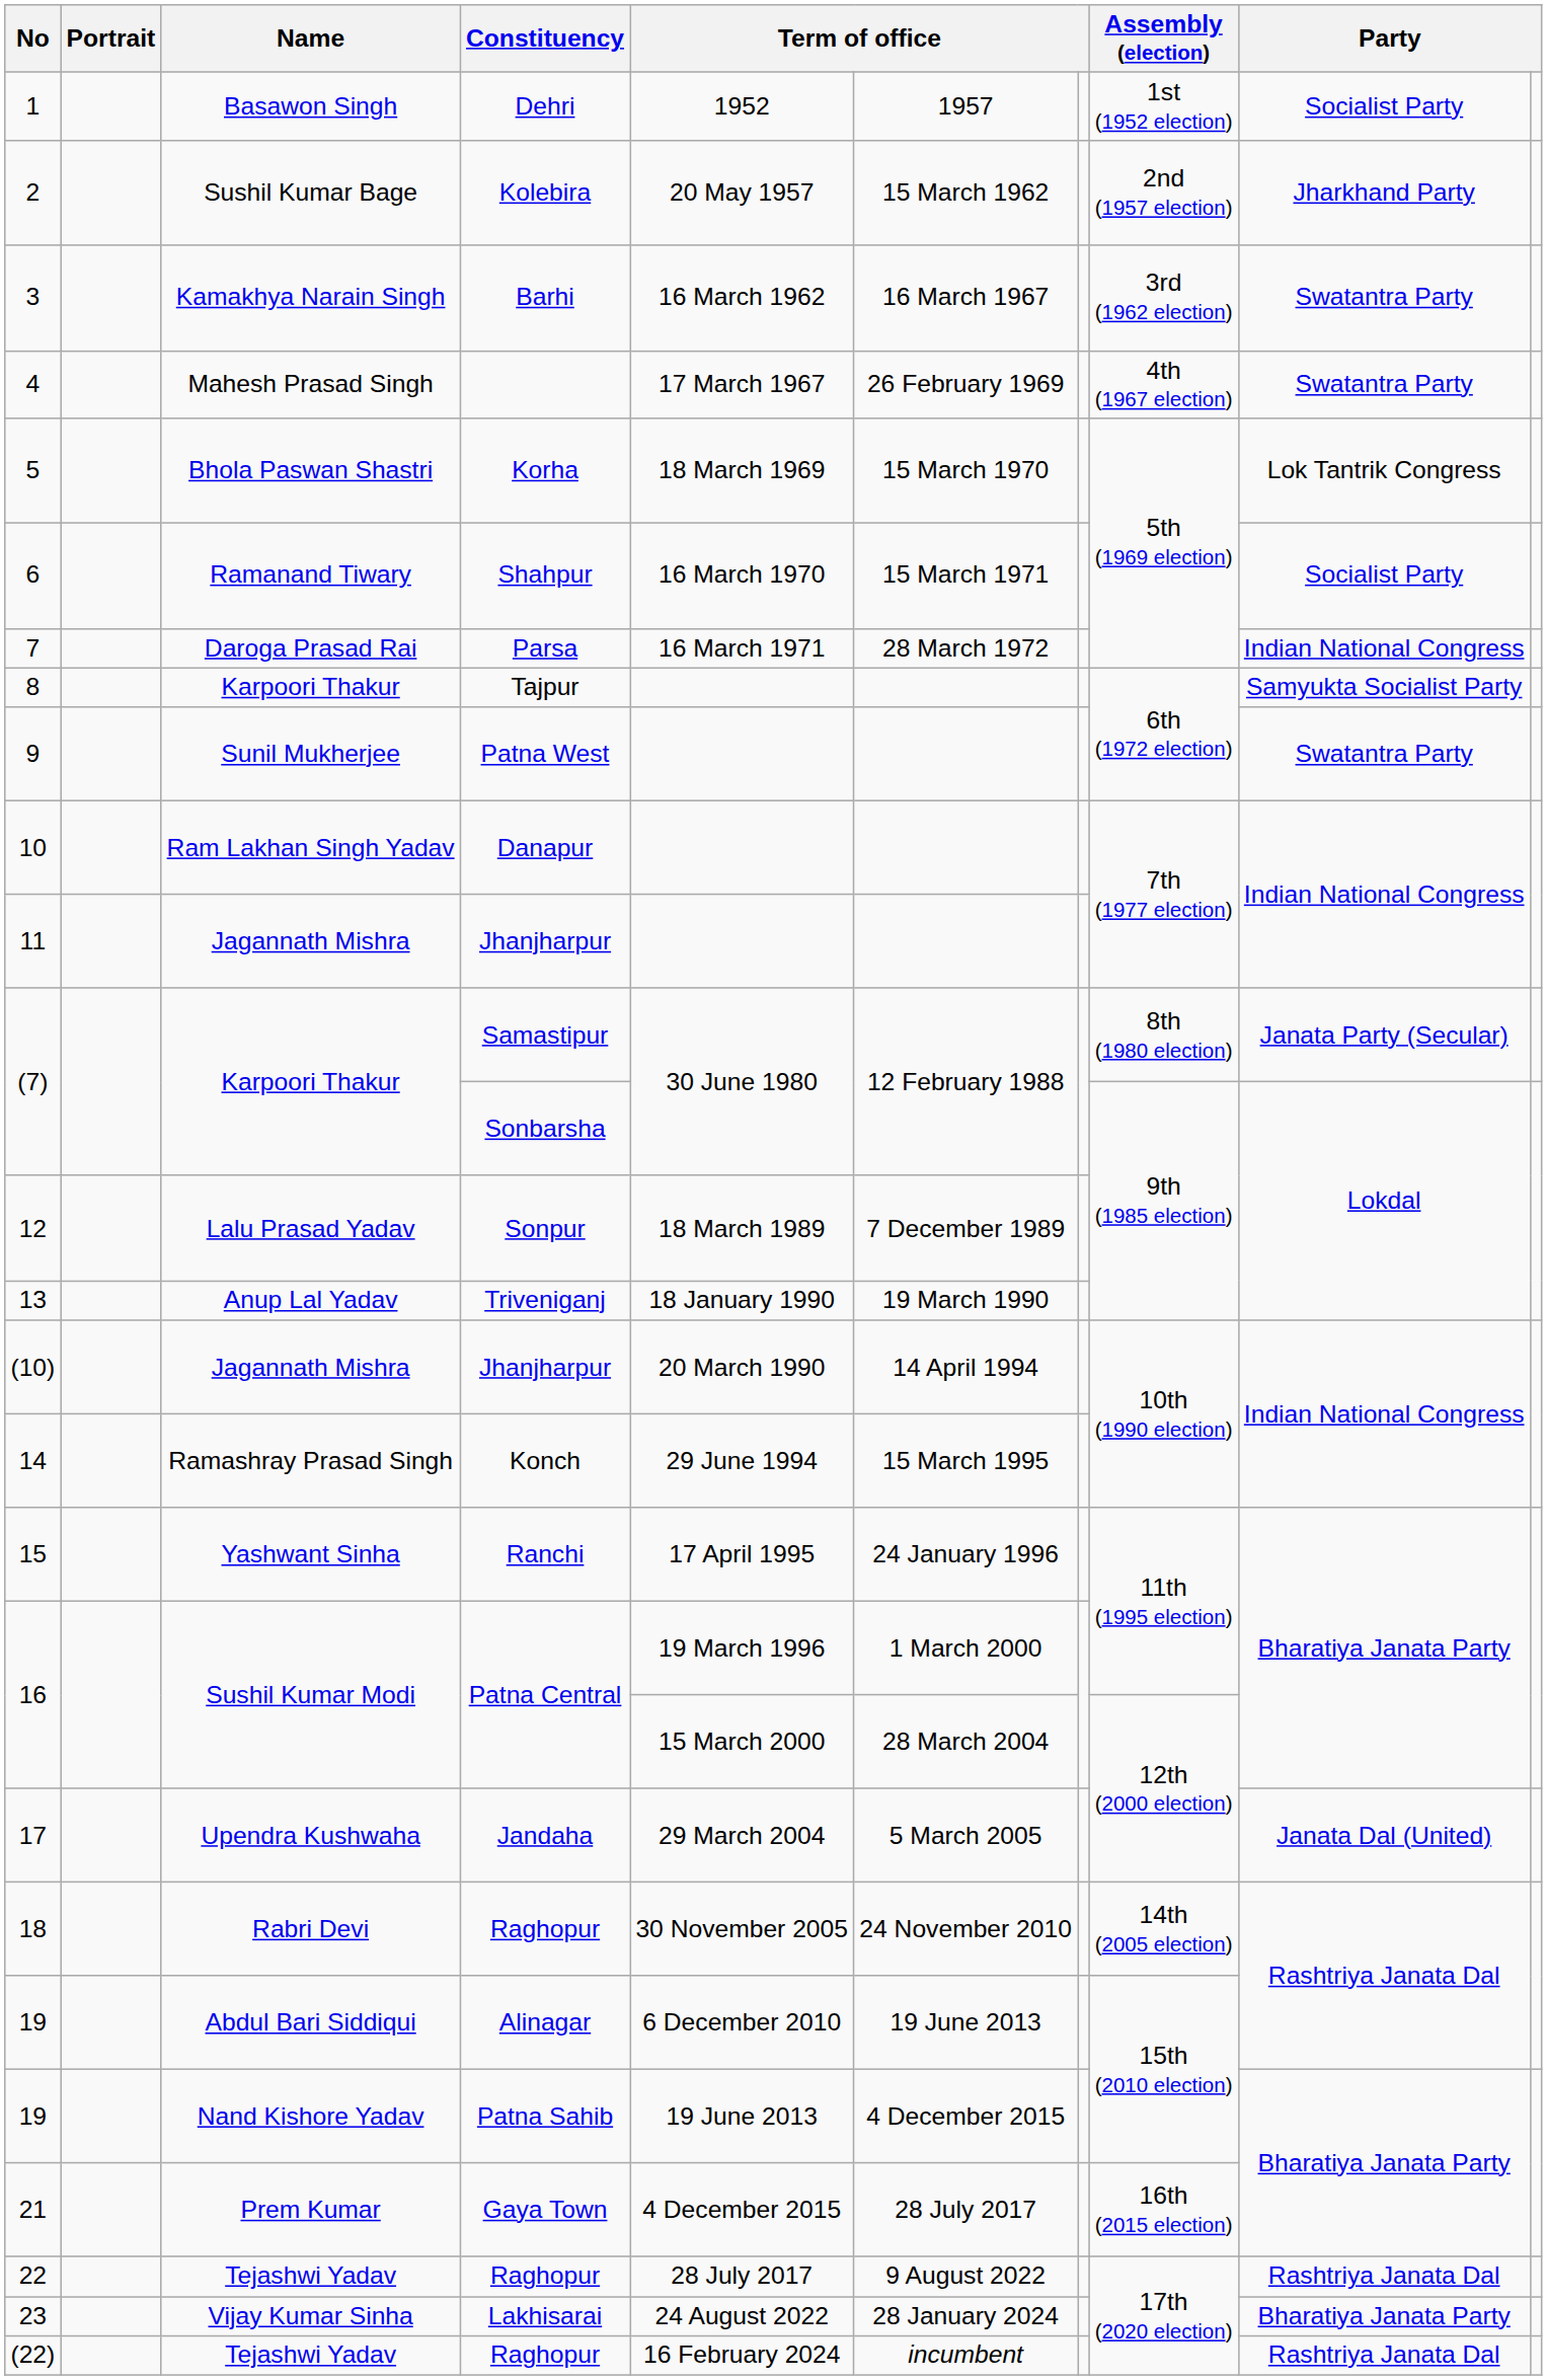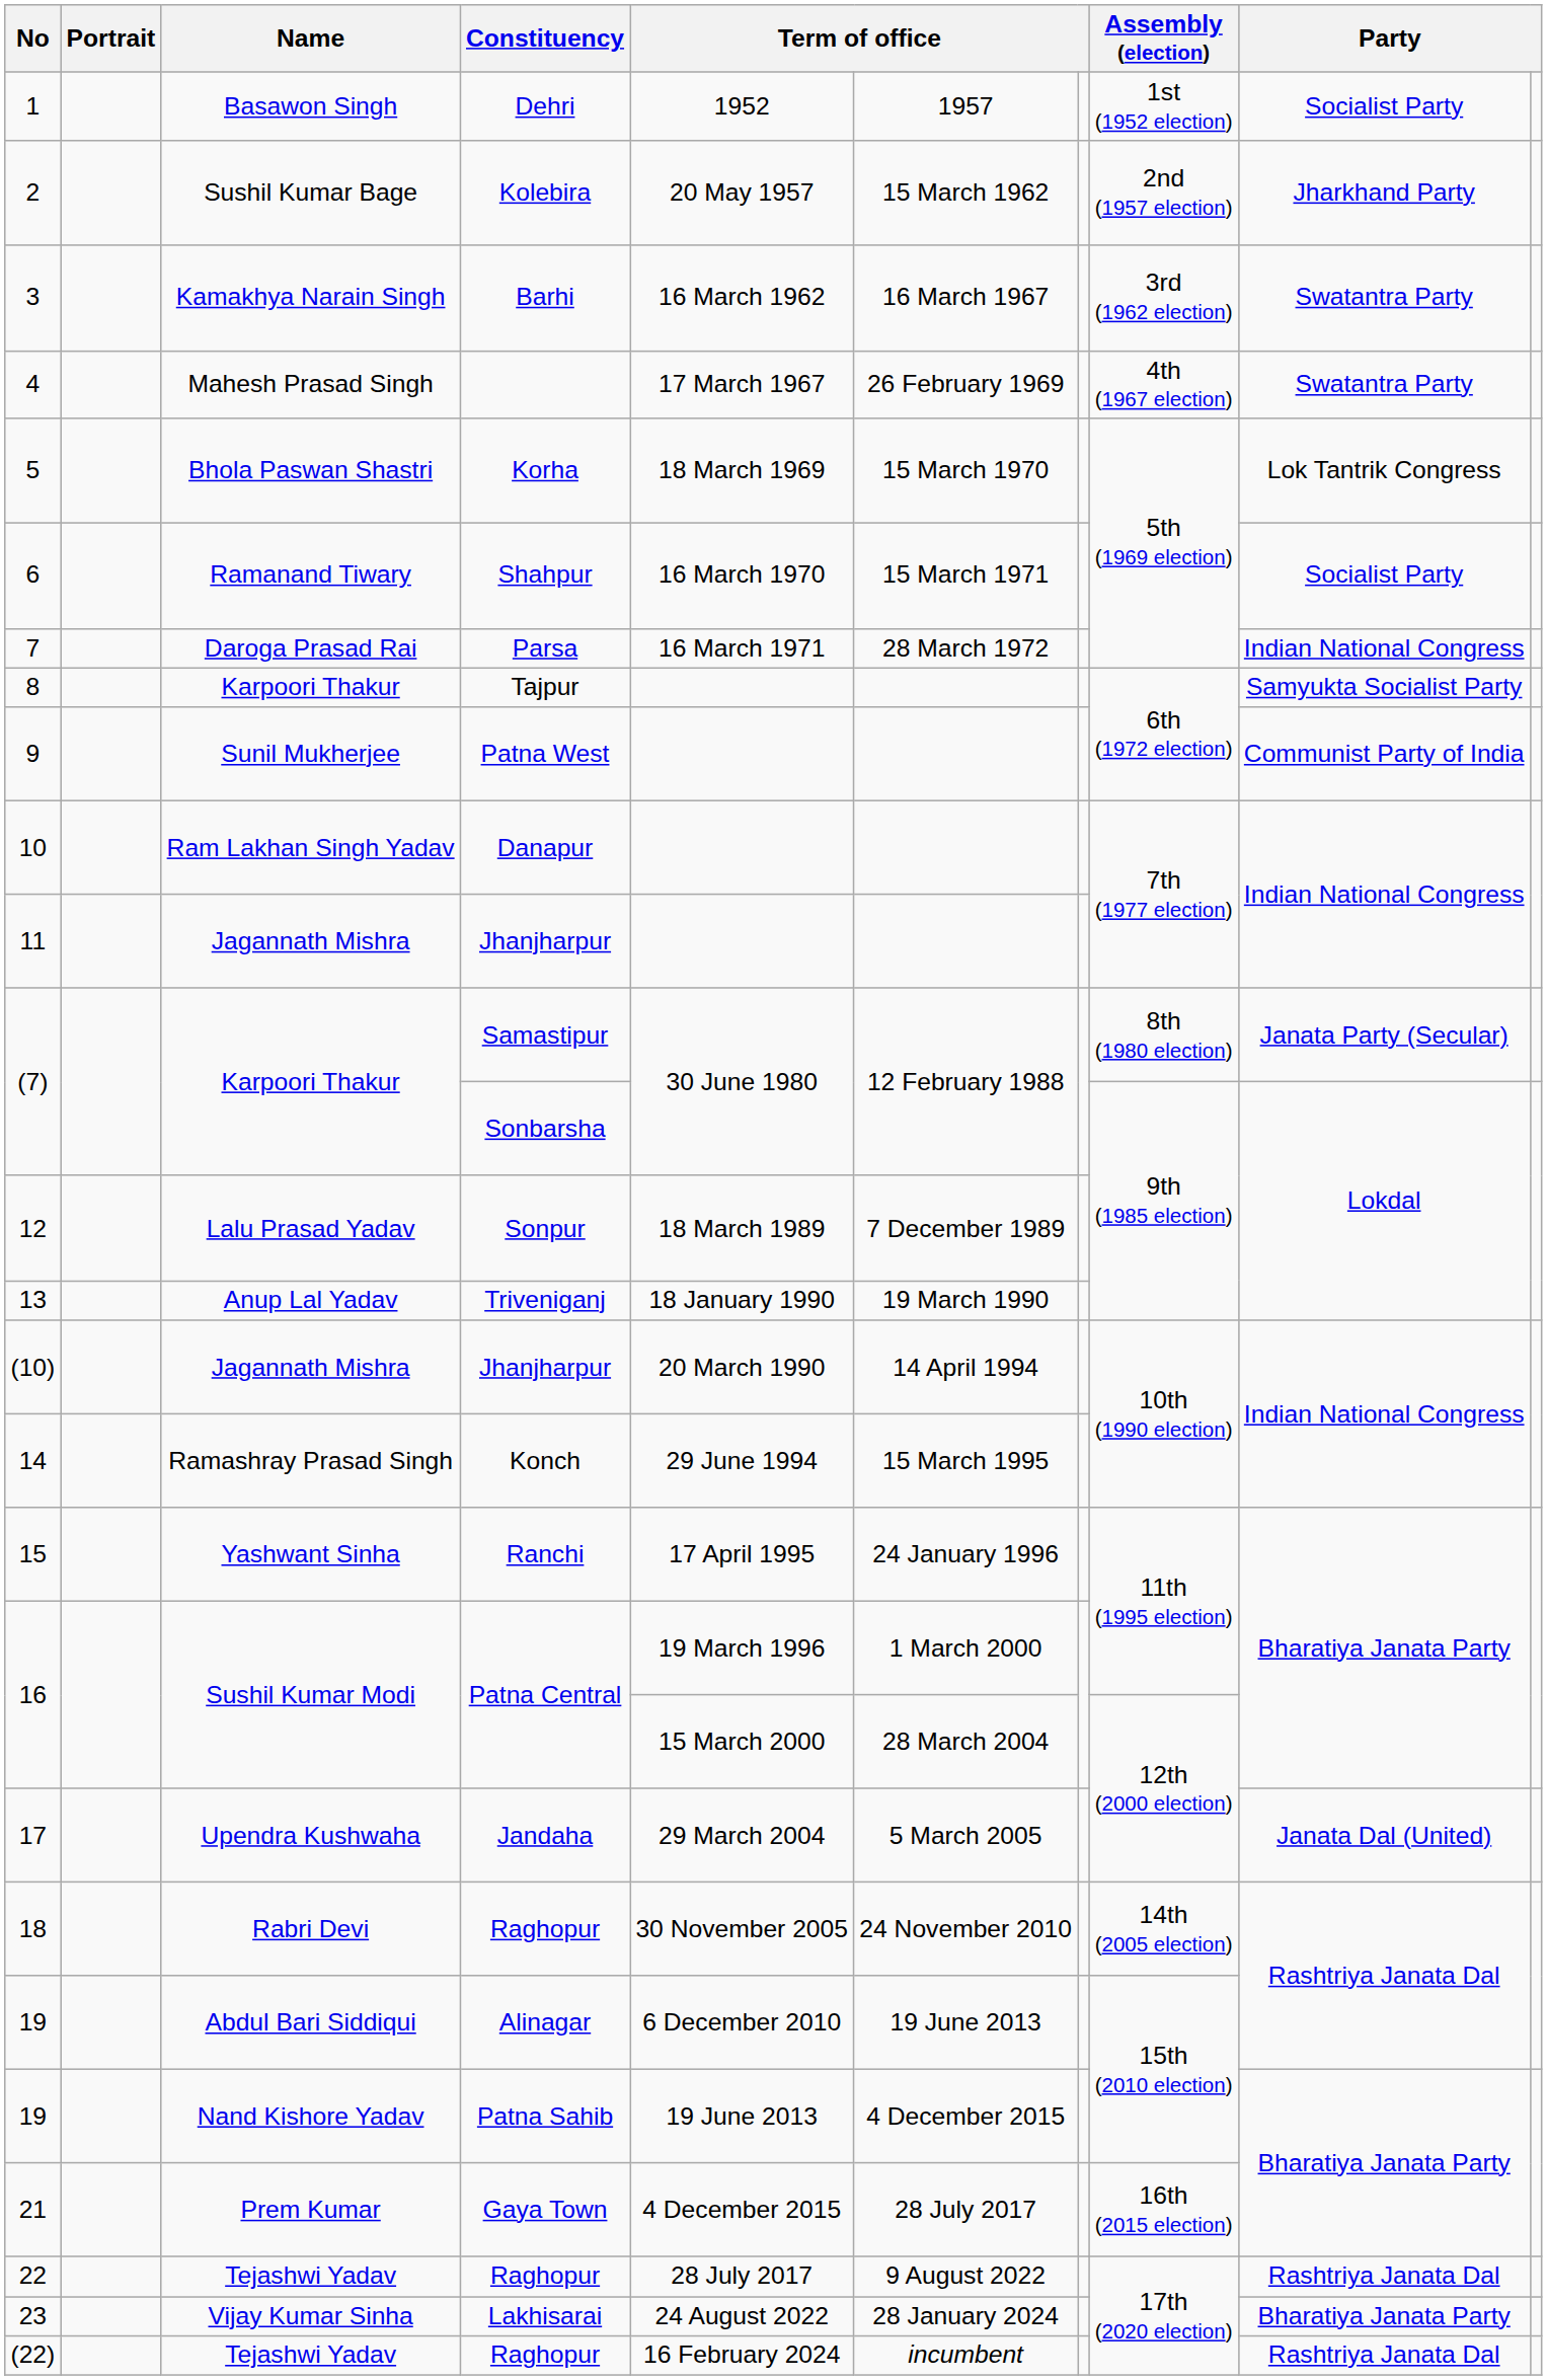 <table class="wikitable" style=text-align:center>
 <tr>
 <th>No</th>
 <th>Portrait</th>
 <th>Name</th>
 <th><a href='#'>Constituency</a></th>
 <th colspan="3">Term of office</th>
 <th><a href='#'>Assembly</a><br><small>(<a href='#'>election</a>)</small></th>
 <th colspan="2">Party</th>
 </tr>
 <tr align="center">
 <td>1</td>
 <td></td>
 <td><a href='#'>Basawon Singh</a></td>
 <td><a href='#'>Dehri</a></td>
 <td>1952</td>
 <td>1957</td>
 <td></td>
 <td>1st<br><small>(<a href='#'>1952 election</a>)</small></td>
 <td><a href='#'>Socialist Party</a></td>
 <td style="background-color: "></td>
 </tr>
 <tr align="center">
 <td style="height: 60px;">2</td>
 <td></td>
 <td>Sushil Kumar Bage</td>
 <td><a href='#'>Kolebira</a></td>
 <td>20 May 1957</td>
 <td>15 March 1962</td>
 <td></td>
 <td>2nd<br><small>(<a href='#'>1957 election</a>)</small></td>
 <td><a href='#'>Jharkhand Party</a></td>
 <td style="background-color: "></td>
 </tr>
 <tr align="center">
 <td style="height: 60px;">3</td>
 <td></td>
 <td><a href='#'>Kamakhya Narain Singh</a></td>
 <td><a href='#'>Barhi</a></td>
 <td>16 March 1962</td>
 <td>16 March 1967</td>
 <td></td>
 <td>3rd<br><small>(<a href='#'>1962 election</a>)</small></td>
 <td><a href='#'>Swatantra Party</a></td>
 <td style="background-color: "></td>
 </tr>
 <tr align="center">
 <td>4</td>
 <td></td>
 <td>Mahesh Prasad Singh</td>
 <td></td>
 <td>17 March 1967</td>
 <td>26 February 1969</td>
 <td></td>
 <td>4th<br><small>(<a href='#'>1967 election</a>)</small></td>
 <td><a href='#'>Swatantra Party</a></td>
 <td style="background-color: "></td>
 </tr>
 <tr align="center">
 <td style="height: 60px;">5</td>
 <td></td>
 <td><a href='#'>Bhola Paswan Shastri</a></td>
 <td><a href='#'>Korha</a></td>
 <td>18 March 1969</td>
 <td>15 March 1970</td>
 <td></td>
 <td rowspan="3">5th<br><small>(<a href='#'>1969 election</a>)</small></td>
 <td>Lok Tantrik Congress</td>
 <td style="background-color: "></td>
 </tr>
 <tr align="center">
 <td style="height: 60px;">6</td>
 <td></td>
 <td><a href='#'>Ramanand Tiwary</a></td>
 <td><a href='#'>Shahpur</a></td>
 <td>16 March 1970</td>
 <td>15 March 1971</td>
 <td></td>
 <td><a href='#'>Socialist Party</a></td>
 <td style="background-color: "></td>
 </tr>
 <tr align="center">
 <td>7</td>
 <td></td>
 <td><a href='#'>Daroga Prasad Rai</a></td>
 <td><a href='#'>Parsa</a></td>
 <td>16 March 1971</td>
 <td>28 March 1972</td>
 <td></td>
 <td><a href='#'>Indian National Congress</a></td>
 <td style="background-color: "></td>
 </tr>
 <tr align="center">
 <td>8</td>
 <td></td>
 <td><a href='#'>Karpoori Thakur</a></td>
 <td>Tajpur</td>
 <td></td>
 <td></td>
 <td></td>
 <td rowspan="2">6th<br><small>(<a href='#'>1972 election</a>)</small></td>
 <td><a href='#'>Samyukta Socialist Party</a></td>
 <td style="background-color: "></td>
 </tr>
 <tr align="center" style="height: 60px;">
 <td>9</td>
 <td></td>
 <td><a href='#'>Sunil Mukherjee</a></td>
 <td><a href='#'>Patna West</a></td>
 <td></td>
 <td></td>
 <td></td>
-<td><a href='#'>Swatantra Party</a></td>
+<td><a href='#'>Communist Party of India</a></td>
 <td style="background-color: "></td>
 </tr>
 <tr align="center" style="height: 60px;">
 <td>10</td>
 <td></td>
 <td><a href='#'>Ram Lakhan Singh Yadav</a></td>
 <td><a href='#'>Danapur</a></td>
 <td></td>
 <td></td>
 <td></td>
 <td rowspan="2">7th<br><small>(<a href='#'>1977 election</a>)</small></td>
 <td rowspan="2"><a href='#'>Indian National Congress</a></td>
 <td rowspan="2" style="background-color: "></td>
 </tr>
 <tr align="center" style="height: 60px;">
 <td>11</td>
 <td></td>
 <td><a href='#'>Jagannath Mishra</a></td>
 <td><a href='#'>Jhanjharpur</a></td>
 <td></td>
 <td></td>
 <td></td>
 </tr>
 <tr align="center" style="height: 60px;">
 <td rowspan="2">(7)</td>
 <td rowspan="2"></td>
 <td rowspan="2"><a href='#'>Karpoori Thakur</a></td>
 <td><a href='#'>Samastipur</a></td>
 <td rowspan="2">30 June 1980</td>
 <td rowspan="2">12 February 1988</td>
 <td rowspan="2"></td>
 <td>8th<br><small>(<a href='#'>1980 election</a>)</small></td>
 <td><a href='#'>Janata Party (Secular)</a></td>
 <td style="background-color: "></td>
 </tr>
 <tr align="center" style="height: 60px;">
 <td><a href='#'>Sonbarsha</a></td>
 <td rowspan="3">9th<br><small>(<a href='#'>1985 election</a>)</small></td>
 <td rowspan="3"><a href='#'>Lokdal</a></td>
 <td rowspan="3" style="background-color: "></td>
 </tr>
 <tr align="center">
 <td style="height: 60px;">12</td>
 <td></td>
 <td><a href='#'>Lalu Prasad Yadav</a></td>
 <td><a href='#'>Sonpur</a></td>
 <td>18 March 1989</td>
 <td>7 December 1989</td>
 <td></td>
 </tr>
 <tr align="center">
 <td>13</td>
 <td></td>
 <td><a href='#'>Anup Lal Yadav</a></td>
 <td><a href='#'>Triveniganj</a></td>
 <td>18 January 1990</td>
 <td>19 March 1990</td>
 <td></td>
 </tr>
 <tr align="center" style="height: 60px;">
 <td>(10)</td>
 <td></td>
 <td><a href='#'>Jagannath Mishra</a></td>
 <td><a href='#'>Jhanjharpur</a></td>
 <td>20 March 1990</td>
 <td>14 April 1994</td>
 <td></td>
 <td rowspan="2">10th<br><small>(<a href='#'>1990 election</a>)</small></td>
 <td rowspan="2"><a href='#'>Indian National Congress</a></td>
 <td rowspan="2" style="background-color: "></td>
 </tr>
 <tr align="center" style="height: 60px;">
 <td>14</td>
 <td></td>
 <td>Ramashray Prasad Singh</td>
 <td>Konch</td>
 <td>29 June 1994</td>
 <td>15 March 1995</td>
 <td></td>
 </tr>
 <tr align="center" style="height: 60px;">
 <td>15</td>
 <td></td>
 <td><a href='#'>Yashwant Sinha</a></td>
 <td><a href='#'>Ranchi</a></td>
 <td>17 April 1995</td>
 <td>24 January 1996</td>
 <td></td>
 <td rowspan="2">11th<br><small>(<a href='#'>1995 election</a>)</small></td>
 <td rowspan="3"><a href='#'>Bharatiya Janata Party</a></td>
 <td rowspan="3" style="background-color: "></td>
 </tr>
 <tr align="center" style="height: 60px;">
 <td rowspan="2">16</td>
 <td rowspan="2"></td>
 <td rowspan="2"><a href='#'>Sushil Kumar Modi</a></td>
 <td rowspan="2"><a href='#'>Patna Central</a></td>
 <td>19 March 1996</td>
 <td>1 March 2000</td>
 <td rowspan="2"></td>
 </tr>
 <tr align="center" style="height: 60px;">
 <td>15 March 2000</td>
 <td>28 March 2004</td>
 <td rowspan="2">12th<br><small>(<a href='#'>2000 election</a>)</small></td>
 </tr>
 <tr align="center" style="height: 60px;">
 <td>17</td>
 <td></td>
 <td><a href='#'>Upendra Kushwaha</a></td>
 <td><a href='#'>Jandaha</a></td>
 <td>29 March 2004</td>
 <td>5 March 2005</td>
 <td></td>
 <td><a href='#'>Janata Dal (United)</a></td>
 <td style="background-color: "></td>
 </tr>
 <tr align="center" style="height: 60px;">
 <td>18</td>
 <td></td>
 <td><a href='#'>Rabri Devi</a></td>
 <td><a href='#'>Raghopur</a></td>
 <td>30 November 2005</td>
 <td>24 November 2010</td>
 <td></td>
 <td>14th<br><small>(<a href='#'>2005 election</a>)</small></td>
 <td rowspan="2"><a href='#'>Rashtriya Janata Dal</a></td>
 <td rowspan="2" style="background-color: "></td>
 </tr>
 <tr align="center" style="height: 60px;">
 <td>19</td>
 <td></td>
 <td><a href='#'>Abdul Bari Siddiqui</a></td>
 <td><a href='#'>Alinagar</a></td>
 <td>6 December 2010</td>
 <td>19 June 2013</td>
 <td></td>
 <td rowspan="2">15th<br><small>(<a href='#'>2010 election</a>)</small></td>
 </tr>
 <tr align="center" style="height: 60px;">
 <td>19</td>
 <td></td>
 <td><a href='#'>Nand Kishore Yadav</a></td>
 <td><a href='#'>Patna Sahib</a></td>
 <td>19 June 2013</td>
 <td>4 December 2015</td>
 <td></td>
 <td rowspan="2"><a href='#'>Bharatiya Janata Party</a></td>
 <td rowspan="2" style="background-color: "></td>
 </tr>
 <tr align="center" style="height: 60px;">
 <td>21</td>
 <td></td>
 <td><a href='#'>Prem Kumar</a></td>
 <td><a href='#'>Gaya Town</a></td>
 <td>4 December 2015</td>
 <td>28 July 2017</td>
 <td></td>
 <td rowspan="2">16th<br><small>(<a href='#'>2015 election</a>)</small></td>
 </tr>
 <tr align="center">
 <td rowspan="2">22</td>
 <td rowspan="2"></td>
 <td rowspan="2"><a href='#'>Tejashwi Yadav</a></td>
 <td rowspan="2"><a href='#'>Raghopur</a></td>
 <td rowspan="2">28 July 2017</td>
 <td rowspan="2">9 August 2022</td>
 <td rowspan="2"></td>
 <td rowspan="2"><a href='#'>Rashtriya Janata Dal</a></td>
 <td rowspan="2" style="background-color: "></td>
 </tr>
 <tr align="center">
 <td rowspan="3">17th<br><small>(<a href='#'>2020 election</a>)</small></td>
 </tr>
 <tr>
 <td>23</td>
 <td></td>
 <td><a href='#'>Vijay Kumar Sinha</a></td>
 <td><a href='#'>Lakhisarai</a></td>
 <td>24 August 2022</td>
 <td>28 January 2024</td>
 <td></td>
 <td><a href='#'>Bharatiya Janata Party</a></td>
 <td style="background-color: "></td>
 </tr>
 <tr>
 <td rowspan="2">(22)</td>
 <td rowspan="2"></td>
 <td rowspan="2"><a href='#'>Tejashwi Yadav</a></td>
 <td rowspan="2"><a href='#'>Raghopur</a></td>
 <td rowspan="2">16 February 2024</td>
 <td rowspan="2"><em>incumbent</em></td>
 <td rowspan="2"></td>
 <td><a href='#'>Rashtriya Janata Dal</a></td>
 <td rowspan="2" style="background-color: "></td>
 </tr>
 </table>
